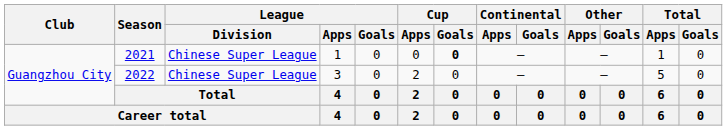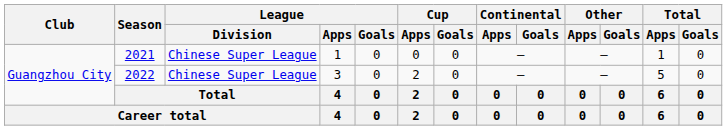 <table class="wikitable" style="text-align: center">
 <tr>
 <th rowspan="2">Club</th>
 <th rowspan="2">Season</th>
 <th colspan="3">League</th>
 <th colspan="2">Cup</th>
 <th colspan="2">Continental</th>
 <th colspan="2">Other</th>
 <th colspan="2">Total</th>
 </tr>
 <tr>
 <th>Division</th>
 <th>Apps</th>
 <th>Goals</th>
 <th>Apps</th>
 <th>Goals</th>
 <th>Apps</th>
 <th>Goals</th>
 <th>Apps</th>
 <th>Goals</th>
 <th>Apps</th>
 <th>Goals</th>
 </tr>
 <tr>
 <td rowspan=3><a href='#'>Guangzhou City</a></td>
 <td><a href='#'>2021</a></td>
 <td><a href='#'>Chinese Super League</a></td>
 <td>1</td>
 <td>0</td>
 <td>0</td>
-<td><strong>0</strong></td>
+<td>0</td>
 <td colspan="2">–</td>
 <td colspan="2">–</td>
 <td>1</td>
 <td>0</td>
 </tr>
 <tr>
 <td><a href='#'>2022</a></td>
 <td><a href='#'>Chinese Super League</a></td>
 <td>3</td>
 <td>0</td>
 <td>2</td>
 <td>0</td>
 <td colspan="2">–</td>
 <td colspan="2">–</td>
 <td>5</td>
 <td>0</td>
 </tr>
 <tr>
 <th colspan=2>Total</th>
 <th>4</th>
 <th>0</th>
 <th>2</th>
 <th>0</th>
 <th>0</th>
 <th>0</th>
 <th>0</th>
 <th>0</th>
 <th>6</th>
 <th>0</th>
 </tr>
 <tr>
 <th colspan=3>Career total</th>
 <th>4</th>
 <th>0</th>
 <th>2</th>
 <th>0</th>
 <th>0</th>
 <th>0</th>
 <th>0</th>
 <th>0</th>
 <th>6</th>
 <th>0</th>
 </tr>
 </table>
